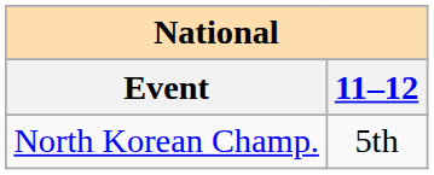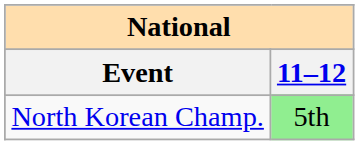 <table class="wikitable" style="text-align:center">
 <tr>
 <th style="background-color: #ffdead; " colspan=2 align=center>National</th>
 </tr>
 <tr>
 <th>Event</th>
 <th><a href='#'>11–12</a></th>
 </tr>
 <tr>
 <td align=left><a href='#'>North Korean Champ.</a></td>
-<td>5th</td>
+<td style="background: lightgreen;">5th</td>
 </tr>
 </table>
